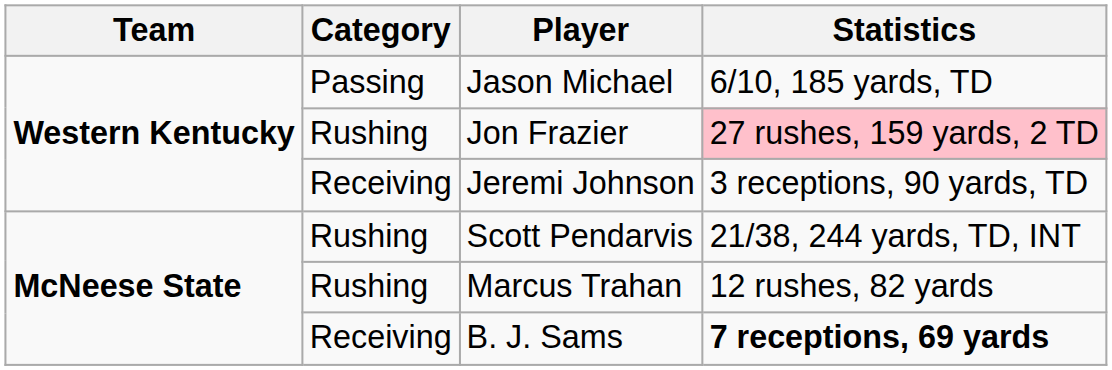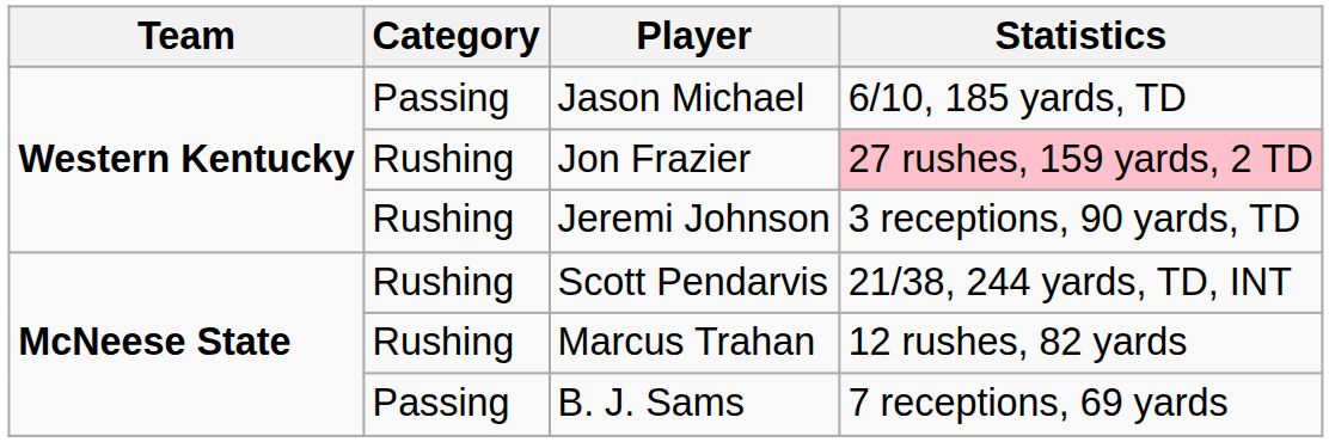 <table class="wikitable" style="float: right;">
 <tr>
 <th>Team</th>
 <th>Category</th>
 <th>Player</th>
 <th>Statistics</th>
 </tr>
 <tr>
 <td rowspan=3><strong>Western Kentucky</strong></td>
 <td>Passing</td>
 <td>Jason Michael</td>
 <td>6/10, 185 yards, TD</td>
 </tr>
 <tr>
 <td>Rushing</td>
 <td>Jon Frazier</td>
 <td style="background: pink;">27 rushes, 159 yards, 2 TD</td>
 </tr>
 <tr>
-<td>Receiving</td>
+<td>Rushing</td>
 <td>Jeremi Johnson</td>
 <td>3 receptions, 90 yards, TD</td>
 </tr>
 <tr>
 <td rowspan=3><strong>McNeese State</strong></td>
 <td>Rushing</td>
 <td>Scott Pendarvis</td>
 <td>21/38, 244 yards, TD, INT</td>
 </tr>
 <tr>
 <td>Rushing</td>
 <td>Marcus Trahan</td>
 <td>12 rushes, 82 yards</td>
 </tr>
 <tr>
-<td>Receiving</td>
+<td>Passing</td>
 <td>B. J. Sams</td>
-<td><strong>7 receptions, 69 yards</strong></td>
+<td>7 receptions, 69 yards</td>
 </tr>
 </table>
